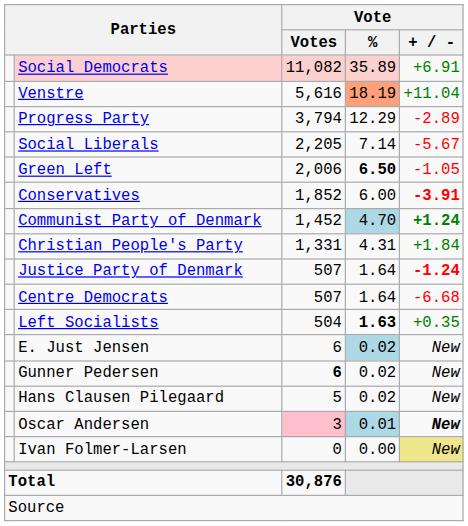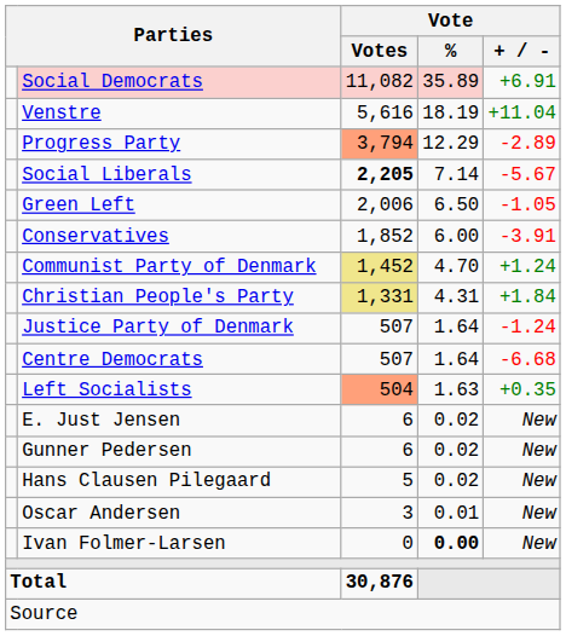 <table class="wikitable" style="text-align:right;">
 <tr>
 <th style="text-align:centre;" rowspan="2" colspan="2" width="225">Parties</th>
 <th colspan="3">Vote</th>
 </tr>
 <tr>
 <th width="15">Votes</th>
 <th width="15">%</th>
 <th width="15">+ / -</th>
 </tr>
 <tr>
 <td width="2" style="color:inherit;background:"></td>
 <td bgcolor=#fbd0ce  align="left"><a href='#'>Social Democrats</a></td>
 <td bgcolor=#fbd0ce>11,082</td>
 <td bgcolor=#fbd0ce>35.89</td>
 <td style=color:green;>+6.91</td>
 </tr>
 <tr>
 <td width="2" style="color:inherit;background:"></td>
 <td align="left"><a href='#'>Venstre</a></td>
 <td>5,616</td>
-<td style="background: lightsalmon;">18.19</td>
+<td>18.19</td>
 <td style=color:green;>+11.04</td>
 </tr>
 <tr>
 <td width="2" style="color:inherit;background:"></td>
 <td align="left"><a href='#'>Progress Party</a></td>
-<td>3,794</td>
+<td style="background: lightsalmon;">3,794</td>
 <td>12.29</td>
 <td style=color:red;>-2.89</td>
 </tr>
 <tr>
 <td width="2" style="color:inherit;background:"></td>
 <td align="left"><a href='#'>Social Liberals</a></td>
-<td>2,205</td>
+<td><strong>2,205</strong></td>
 <td>7.14</td>
 <td style=color:red;>-5.67</td>
 </tr>
 <tr>
 <td width="2" style="color:inherit;background:"></td>
 <td align="left"><a href='#'>Green Left</a></td>
 <td>2,006</td>
-<td><strong>6.50</strong></td>
+<td>6.50</td>
 <td style=color:red;>-1.05</td>
 </tr>
 <tr>
 <td width="2" style="color:inherit;background:"></td>
 <td align="left"><a href='#'>Conservatives</a></td>
 <td>1,852</td>
 <td>6.00</td>
-<td style=color:red;><strong>-3.91</strong></td>
+<td style=color:red;>-3.91</td>
 </tr>
 <tr>
 <td width="2" style="color:inherit;background:"></td>
 <td align="left"><a href='#'>Communist Party of Denmark</a></td>
-<td>1,452</td>
-<td style="background: lightblue;">4.70</td>
-<td style=color:green;><strong>+1.24</strong></td>
+<td style="background: khaki;">1,452</td>
+<td>4.70</td>
+<td style=color:green;>+1.24</td>
 </tr>
 <tr>
 <td width="2" style="color:inherit;background:"></td>
 <td align="left"><a href='#'>Christian People's Party</a></td>
-<td>1,331</td>
+<td style="background: khaki;">1,331</td>
 <td>4.31</td>
 <td style=color:green;>+1.84</td>
 </tr>
 <tr>
 <td width="2" style="color:inherit;background:"></td>
 <td align="left"><a href='#'>Justice Party of Denmark</a></td>
 <td>507</td>
 <td>1.64</td>
-<td style=color:red;><strong>-1.24</strong></td>
+<td style=color:red;>-1.24</td>
 </tr>
 <tr>
 <td width="2" style="color:inherit;background:"></td>
 <td align="left"><a href='#'>Centre Democrats</a></td>
 <td>507</td>
 <td>1.64</td>
 <td style=color:red;>-6.68</td>
 </tr>
 <tr>
 <td width="2" style="color:inherit;background:"></td>
 <td align="left"><a href='#'>Left Socialists</a></td>
-<td>504</td>
-<td><strong>1.63</strong></td>
+<td style="background: lightsalmon;">504</td>
+<td>1.63</td>
 <td style=color:green;>+0.35</td>
 </tr>
 <tr>
 <td width="2" style="color:inherit;background:"></td>
 <td align="left">E. Just Jensen</td>
 <td>6</td>
-<td style="background: lightblue;">0.02</td>
+<td>0.02</td>
 <td><em>New</em></td>
 </tr>
 <tr>
 <td width="2" style="color:inherit;background:"></td>
 <td align="left">Gunner Pedersen</td>
-<td><strong>6</strong></td>
+<td>6</td>
 <td>0.02</td>
 <td><em>New</em></td>
 </tr>
 <tr>
 <td width="2" style="color:inherit;background:"></td>
 <td align="left">Hans Clausen Pilegaard</td>
 <td>5</td>
 <td>0.02</td>
 <td><em>New</em></td>
 </tr>
 <tr>
 <td width="2" style="color:inherit;background:"></td>
 <td align="left">Oscar Andersen</td>
-<td style="background: pink;">3</td>
-<td style="background: lightblue;">0.01</td>
-<td><strong><em>New</em></strong></td>
+<td>3</td>
+<td>0.01</td>
+<td><em>New</em></td>
 </tr>
 <tr>
 <td width="2" style="color:inherit;background:"></td>
 <td align="left">Ivan Folmer-Larsen</td>
 <td>0</td>
-<td>0.00</td>
-<td style="background: khaki;"><em>New</em></td>
+<td><strong>0.00</strong></td>
+<td><em>New</em></td>
 </tr>
 <tr>
 <td colspan="7" bgcolor="#E9E9E9"></td>
 </tr>
 <tr>
 <td align="left" colspan="2"><strong>Total</strong></td>
 <td><strong>30,876</strong></td>
 <td bgcolor="#E9E9E9" colspan="2"></td>
 </tr>
 <tr>
 <td align="left" colspan="6">Source</td>
 </tr>
 </table>
